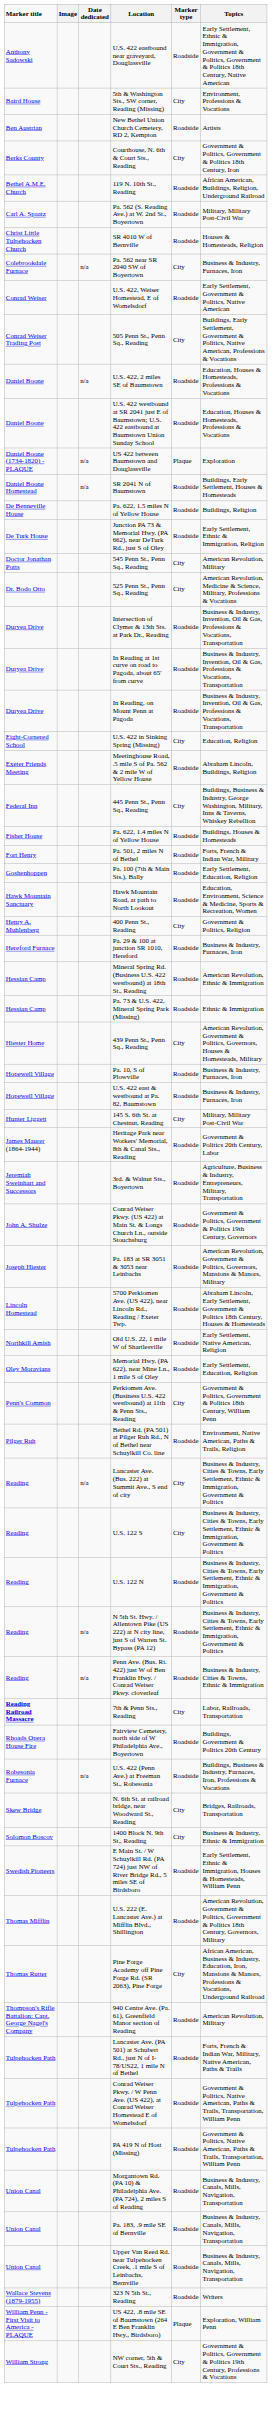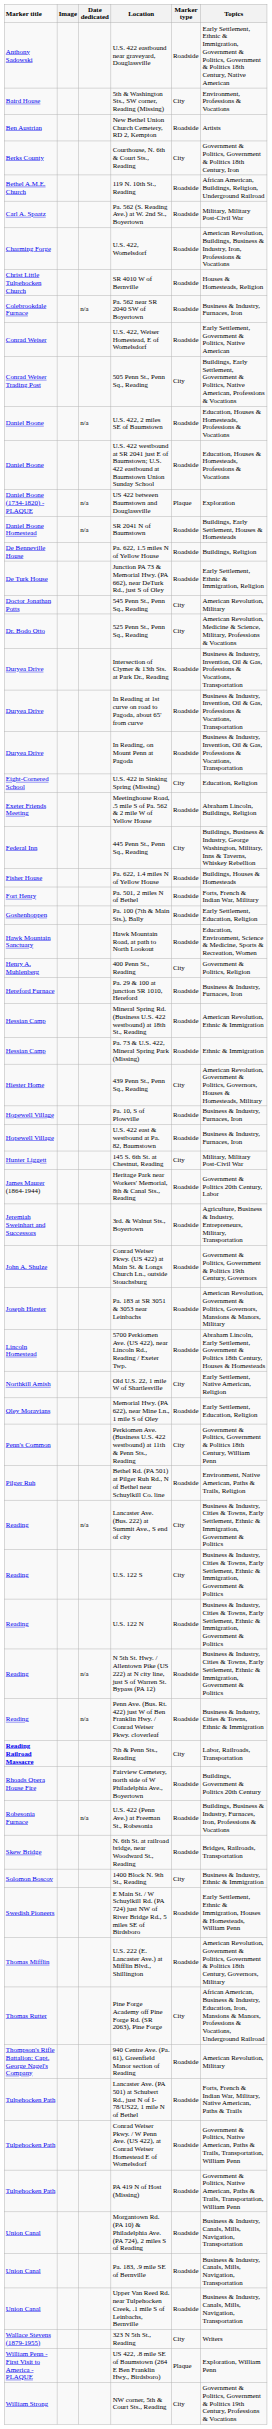 <table class="wikitable sortable" style="width:98%">
 <tr>
 <td><strong>Marker title</strong></td>
 <th class="unsortable"><strong>Image</strong></th>
 <th><strong>Date dedicated</strong></th>
 <th><strong>Location</strong></th>
 <th><strong>Marker type</strong></th>
 <th><strong>Topics</strong></th>
 </tr>
 <tr ->
 <td><a href='#'>Anthony Sadowski</a></td>
 <td></td>
 <td></td>
 <td>U.S. 422 eastbound near graveyard, Douglassville<br><small></small></td>
 <td>Roadside</td>
 <td>Early Settlement, Ethnic & Immigration, Government & Politics, Government & Politics 18th Century, Native American</td>
 </tr>
 <tr ->
 <td><a href='#'>Baird House</a></td>
 <td></td>
 <td></td>
 <td>5th & Washington Sts., SW corner, Reading (Missing)</td>
 <td>City</td>
 <td>Environment, Professions & Vocations</td>
 </tr>
 <tr ->
 <td><a href='#'>Ben Austrian</a></td>
 <td></td>
 <td></td>
 <td>New Bethel Union Church Cemetery, RD 2, Kempton<br><small></small></td>
 <td>Roadside</td>
 <td>Artists</td>
 </tr>
 <tr ->
 <td><a href='#'>Berks County</a></td>
 <td></td>
 <td></td>
 <td>Courthouse, N. 6th & Court Sts., Reading<br><small></small></td>
 <td>City</td>
 <td>Government & Politics, Government & Politics 18th Century, Iron</td>
 </tr>
 <tr ->
 <td><a href='#'>Bethel A.M.E. Church</a></td>
 <td></td>
 <td></td>
 <td>119 N. 10th St., Reading<br><small></small></td>
 <td>Roadside</td>
 <td>African American, Buildings, Religion, Underground Railroad</td>
 </tr>
 <tr ->
 <td><a href='#'>Carl A. Spaatz</a></td>
 <td></td>
 <td></td>
 <td>Pa. 562 (S. Reading Ave.) at W. 2nd St., Boyertown<br><small></small></td>
 <td>Roadside</td>
 <td>Military, Military Post-Civil War</td>
 </tr>
 <tr ->
+<td><a href='#'>Charming Forge</a></td>
+<td></td>
+<td></td>
+<td>U.S. 422, Womelsdorf<br><small></small></td>
+<td>Roadside</td>
+<td>American Revolution, Buildings, Business & Industry, Iron, Professions & Vocations</td>
+</tr>
+<tr ->
 <td><a href='#'>Christ Little Tulpehocken Church</a></td>
 <td></td>
 <td></td>
 <td>SR 4010 W of Bernville<br><small></small></td>
 <td>Roadside</td>
 <td>Houses & Homesteads, Religion</td>
 </tr>
 <tr ->
 <td><a href='#'>Colebrookdale Furnace</a></td>
 <td></td>
 <td>n/a</td>
 <td>Pa. 562 near SR 2040 SW of Boyertown<br><small></small></td>
-<td>City</td>
+<td>Roadside</td>
 <td>Business & Industry, Furnaces, Iron</td>
 </tr>
 <tr ->
 <td><a href='#'>Conrad Weiser</a></td>
 <td></td>
 <td></td>
 <td>U.S. 422, Weiser Homestead, E of Womelsdorf<br><small></small></td>
 <td>Roadside</td>
 <td>Early Settlement, Government & Politics, Native American</td>
 </tr>
 <tr ->
 <td><a href='#'>Conrad Weiser Trading Post</a></td>
 <td></td>
 <td></td>
 <td>505 Penn St., Penn Sq., Reading<br><small></small></td>
 <td>City</td>
 <td>Buildings, Early Settlement, Government & Politics, Native American, Professions & Vocations</td>
 </tr>
 <tr ->
 <td><a href='#'>Daniel Boone</a></td>
 <td></td>
 <td>n/a</td>
 <td>U.S. 422, 2 miles SE of Baumstown<br><small></small></td>
 <td>Roadside</td>
 <td>Education, Houses & Homesteads, Professions & Vocations</td>
 </tr>
 <tr ->
 <td><a href='#'>Daniel Boone</a></td>
 <td></td>
 <td></td>
 <td>U.S. 422 westbound at SR 2041 just E of Baumstown; U.S. 422 eastbound at Baumstown Union Sunday School<br><small></small></td>
 <td>Roadside</td>
 <td>Education, Houses & Homesteads, Professions & Vocations</td>
 </tr>
 <tr ->
 <td><a href='#'>Daniel Boone (1734-1820) - PLAQUE</a></td>
 <td></td>
 <td>n/a</td>
 <td>US 422 between Baumstown and Douglassville<br><small></small></td>
 <td>Plaque</td>
 <td>Exploration</td>
 </tr>
 <tr ->
 <td><a href='#'>Daniel Boone Homestead</a></td>
 <td></td>
 <td>n/a</td>
 <td>SR 2041 N of Baumstown<br><small></small></td>
 <td>Roadside</td>
 <td>Buildings, Early Settlement, Houses & Homesteads</td>
 </tr>
 <tr ->
 <td><a href='#'>De Benneville House</a></td>
 <td></td>
 <td></td>
 <td>Pa. 622, 1.5 miles N of Yellow House<br><small></small></td>
 <td>Roadside</td>
 <td>Buildings, Religion</td>
 </tr>
 <tr ->
 <td><a href='#'>De Turk House</a></td>
 <td></td>
 <td></td>
 <td>Junction PA 73 & Memorial Hwy. (PA 662), near DeTurk Rd., just S of Oley<br><small></small></td>
 <td>Roadside</td>
 <td>Early Settlement, Ethnic & Immigration, Religion</td>
 </tr>
 <tr ->
 <td><a href='#'>Doctor Jonathan Potts</a></td>
 <td></td>
 <td></td>
 <td>545 Penn St., Penn Sq., Reading<br><small></small></td>
 <td>City</td>
 <td>American Revolution, Military</td>
 </tr>
 <tr ->
 <td><a href='#'>Dr. Bodo Otto</a></td>
 <td></td>
 <td></td>
 <td>525 Penn St., Penn Sq., Reading<br><small></small></td>
 <td>City</td>
 <td>American Revolution, Medicine & Science, Military, Professions & Vocations</td>
 </tr>
 <tr ->
 <td><a href='#'>Duryea Drive</a></td>
 <td></td>
 <td></td>
 <td>Intersection of Clymer & 13th Sts. at Park Dr., Reading<br><small></small></td>
 <td>Roadside</td>
 <td>Business & Industry, Invention, Oil & Gas, Professions & Vocations, Transportation</td>
 </tr>
 <tr ->
 <td><a href='#'>Duryea Drive</a></td>
 <td></td>
 <td></td>
 <td>In Reading at 1st curve on road to Pagoda, about 65' from curve</td>
 <td>Roadside</td>
 <td>Business & Industry, Invention, Oil & Gas, Professions & Vocations, Transportation</td>
 </tr>
 <tr ->
 <td><a href='#'>Duryea Drive</a></td>
 <td></td>
 <td></td>
 <td>In Reading, on Mount Penn at Pagoda<br><small></small></td>
 <td>Roadside</td>
 <td>Business & Industry, Invention, Oil & Gas, Professions & Vocations, Transportation</td>
 </tr>
 <tr ->
 <td><a href='#'>Eight-Cornered School</a></td>
 <td></td>
 <td></td>
 <td>U.S. 422 in Sinking Spring (Missing)</td>
 <td>City</td>
 <td>Education, Religion</td>
 </tr>
 <tr ->
 <td><a href='#'>Exeter Friends Meeting</a></td>
 <td></td>
 <td></td>
 <td>Meetinghouse Road, .5 mile S of Pa. 562 & 2 mile W of Yellow House<br><small></small></td>
 <td>Roadside</td>
 <td>Abraham Lincoln, Buildings, Religion</td>
 </tr>
 <tr ->
 <td><a href='#'>Federal Inn</a></td>
 <td></td>
 <td></td>
 <td>445 Penn St., Penn Sq., Reading<br><small></small></td>
 <td>City</td>
 <td>Buildings, Business & Industry, George Washington, Military, Inns & Taverns, Whiskey Rebellion</td>
 </tr>
 <tr ->
 <td><a href='#'>Fisher House</a></td>
 <td></td>
 <td></td>
 <td>Pa. 622, 1.4 miles N of Yellow House<br><small></small></td>
 <td>Roadside</td>
 <td>Buildings, Houses & Homesteads</td>
 </tr>
 <tr ->
 <td><a href='#'>Fort Henry</a></td>
 <td></td>
 <td></td>
 <td>Pa. 501, 2 miles N of Bethel<br><small></small></td>
 <td>Roadside</td>
 <td>Forts, French & Indian War, Military</td>
 </tr>
 <tr ->
 <td><a href='#'>Goshenhoppen</a></td>
 <td></td>
 <td></td>
 <td>Pa. 100 (7th & Main Sts.), Bally<br><small></small></td>
 <td>Roadside</td>
 <td>Early Settlement, Education, Religion</td>
 </tr>
 <tr ->
 <td><a href='#'>Hawk Mountain Sanctuary</a></td>
 <td></td>
 <td></td>
 <td>Hawk Mountain Road, at path to North Lookout<br><small></small></td>
 <td>Roadside</td>
 <td>Education, Environment, Science & Medicine, Sports & Recreation, Women</td>
 </tr>
 <tr ->
 <td><a href='#'>Henry A. Muhlenberg</a></td>
 <td></td>
 <td></td>
 <td>400 Penn St., Reading<br><small></small></td>
 <td>City</td>
 <td>Government & Politics, Religion</td>
 </tr>
 <tr ->
 <td><a href='#'>Hereford Furnace</a></td>
 <td></td>
 <td></td>
 <td>Pa. 29 & 100 at junction SR 1010, Hereford<br><small></small></td>
 <td>Roadside</td>
 <td>Business & Industry, Furnaces, Iron</td>
 </tr>
 <tr ->
 <td><a href='#'>Hessian Camp</a></td>
 <td></td>
 <td></td>
 <td>Mineral Spring Rd. (Business U.S. 422 westbound) at 18th St., Reading<br><small></small></td>
 <td>Roadside</td>
 <td>American Revolution, Ethnic & Immigration</td>
 </tr>
 <tr ->
 <td><a href='#'>Hessian Camp</a></td>
 <td></td>
 <td></td>
 <td>Pa. 73 & U.S. 422, Mineral Spring Park (Missing)</td>
 <td>Roadside</td>
 <td>Ethnic & Immigration</td>
 </tr>
 <tr ->
 <td><a href='#'>Hiester Home</a></td>
 <td></td>
 <td></td>
 <td>439 Penn St., Penn Sq., Reading<br><small></small></td>
 <td>City</td>
 <td>American Revolution, Government & Politics, Governors, Houses & Homesteads, Military</td>
 </tr>
 <tr ->
 <td><a href='#'>Hopewell Village</a></td>
 <td></td>
 <td></td>
 <td>Pa. 10, S of Plowville</td>
 <td>Roadside</td>
 <td>Business & Industry, Furnaces, Iron</td>
 </tr>
 <tr ->
 <td><a href='#'>Hopewell Village</a></td>
 <td></td>
 <td></td>
 <td>U.S. 422 east & westbound at Pa. 82, Baumstown<br><small></small></td>
 <td>Roadside</td>
 <td>Business & Industry, Furnaces, Iron</td>
 </tr>
 <tr ->
 <td><a href='#'>Hunter Liggett</a></td>
 <td></td>
 <td></td>
 <td>145 S. 6th St. at Chestnut, Reading<br><small></small></td>
 <td>City</td>
 <td>Military, Military Post-Civil War</td>
 </tr>
 <tr ->
 <td><a href='#'>James Maurer</a> (1864-1944)</td>
 <td></td>
 <td></td>
 <td>Heritage Park near Workers' Memorial, 8th & Canal Sts., Reading<br><small></small></td>
 <td>Roadside</td>
 <td>Government & Politics 20th Century, Labor</td>
 </tr>
 <tr ->
 <td><a href='#'>Jeremiah Sweinhart and Successors</a></td>
 <td></td>
 <td></td>
 <td>3rd. & Walnut Sts., Boyertown<br><small></small></td>
 <td>Roadside</td>
 <td>Agriculture, Business & Industry, Entrepreneurs, Military, Transportation</td>
 </tr>
 <tr ->
 <td><a href='#'>John A. Shulze</a></td>
 <td></td>
 <td></td>
 <td>Conrad Weiser Pkwy. (US 422) at Main St. & Longs Church Ln., outside Stouchsburg<br><small></small></td>
 <td>Roadside</td>
 <td>Government & Politics, Government & Politics 19th Century, Governors</td>
 </tr>
 <tr ->
 <td><a href='#'>Joseph Hiester</a></td>
 <td></td>
 <td></td>
 <td>Pa. 183 at SR 3051 & 3053 near Leinbachs<br><small></small></td>
 <td>Roadside</td>
 <td>American Revolution, Government & Politics, Governors, Mansions & Manors, Military</td>
 </tr>
 <tr ->
 <td><a href='#'>Lincoln Homestead</a></td>
 <td></td>
 <td></td>
 <td>5700 Perkiomen Ave. (US 422), near Lincoln Rd., Reading / Exeter Twp.</td>
 <td>Roadside</td>
 <td>Abraham Lincoln, Early Settlement, Government & Politics 18th Century, Houses & Homesteads</td>
 </tr>
 <tr ->
 <td><a href='#'>Northkill Amish</a></td>
 <td></td>
 <td></td>
 <td>Old U.S. 22, 1 mile W of Shartlesville<br><small></small></td>
-<td>Roadside</td>
+<td>City</td>
 <td>Early Settlement, Native American, Religion</td>
 </tr>
 <tr ->
 <td><a href='#'>Oley Moravians</a></td>
 <td></td>
 <td></td>
 <td>Memorial Hwy. (PA 622), near Mine Ln., 1 mile S of Oley<br><small></small></td>
 <td>Roadside</td>
 <td>Early Settlement, Education, Religion</td>
 </tr>
 <tr ->
 <td><a href='#'>Penn's Common</a></td>
 <td></td>
 <td></td>
 <td>Perkiomen Ave. (Business U.S. 422 westbound) at 11th & Penn Sts., Reading<br><small></small></td>
 <td>City</td>
 <td>Government & Politics, Government & Politics 18th Century, William Penn</td>
 </tr>
 <tr ->
 <td><a href='#'>Pilger Ruh</a></td>
 <td></td>
 <td></td>
 <td>Bethel Rd. (PA 501) at Pilger Ruh Rd., N of Bethel near Schuylkill Co. line<br><small></small></td>
 <td>Roadside</td>
 <td>Environment, Native American, Paths & Trails, Religion</td>
 </tr>
 <tr ->
 <td><a href='#'>Reading</a></td>
 <td></td>
 <td>n/a</td>
 <td>Lancaster Ave. (Bus. 222) at Summit Ave., S end of city<br><small></small></td>
 <td>City</td>
 <td>Business & Industry, Cities & Towns, Early Settlement, Ethnic & Immigration, Government & Politics</td>
 </tr>
 <tr ->
 <td><a href='#'>Reading</a></td>
 <td></td>
 <td></td>
 <td>U.S. 122 S</td>
 <td>City</td>
 <td>Business & Industry, Cities & Towns, Early Settlement, Ethnic & Immigration, Government & Politics</td>
 </tr>
 <tr ->
 <td><a href='#'>Reading</a></td>
 <td></td>
 <td></td>
 <td>U.S. 122 N</td>
 <td>Roadside</td>
 <td>Business & Industry, Cities & Towns, Early Settlement, Ethnic & Immigration, Government & Politics</td>
 </tr>
 <tr ->
 <td><a href='#'>Reading</a></td>
 <td></td>
 <td>n/a</td>
 <td>N 5th St. Hwy. / Allentown Pike (US 222) at N city line, just S of Warren St. Bypass (PA 12)</td>
 <td>Roadside</td>
 <td>Business & Industry, Cities & Towns, Early Settlement, Ethnic & Immigration, Government & Politics</td>
 </tr>
 <tr ->
 <td><a href='#'>Reading</a></td>
 <td></td>
 <td>n/a</td>
 <td>Penn Ave. (Bus. Rt. 422) just W of Ben Franklin Hwy. / Conrad Weiser Pkwy. cloverleaf<br><small></small></td>
 <td>Roadside</td>
 <td>Business & Industry, Cities & Towns, Ethnic & Immigration</td>
 </tr>
 <tr ->
 <td><strong><a href='#'>Reading Railroad Massacre</a></strong></td>
 <td></td>
 <td></td>
 <td>7th & Penn Sts., Reading<br><small></small></td>
 <td>City</td>
 <td>Labor, Railroads, Transportation</td>
 </tr>
 <tr ->
 <td><a href='#'>Rhoads Opera House Fire</a></td>
 <td></td>
 <td></td>
 <td>Fairview Cemetery, north side of W Philadelphia Ave., Boyertown</td>
 <td>Roadside</td>
 <td>Buildings, Government & Politics 20th Century</td>
 </tr>
 <tr ->
 <td><a href='#'>Robesonia Furnace</a></td>
 <td></td>
 <td>n/a</td>
 <td>U.S. 422 (Penn Ave.) at Freeman St., Robesonia<br><small></small></td>
 <td>Roadside</td>
 <td>Buildings, Business & Industry, Furnaces, Iron, Professions & Vocations</td>
 </tr>
 <tr ->
 <td><a href='#'>Skew Bridge</a></td>
 <td></td>
 <td></td>
 <td>N. 6th St. at railroad bridge, near Woodward St., Reading<br><small></small></td>
-<td>City</td>
+<td>Roadside</td>
 <td>Bridges, Railroads, Transportation</td>
 </tr>
 <tr ->
 <td><a href='#'>Solomon Boscov</a></td>
 <td></td>
 <td></td>
 <td>1400 Block N. 9th St., Reading<br><small></small></td>
 <td>City</td>
 <td>Business & Industry, Ethnic & Immigration</td>
 </tr>
 <tr ->
 <td><a href='#'>Swedish Pioneers</a></td>
 <td></td>
 <td></td>
 <td>E Main St. / W Schuylkill Rd. (PA 724) just NW of River Bridge Rd., 5 miles SE of Birdsboro<br><small></small></td>
 <td>Roadside</td>
 <td>Early Settlement, Ethnic & Immigration, Houses & Homesteads, William Penn</td>
 </tr>
 <tr ->
 <td><a href='#'>Thomas Mifflin</a></td>
 <td></td>
 <td></td>
 <td>U.S. 222 (E. Lancaster Ave.) at Mifflin Blvd., Shillington<br><small></small></td>
 <td>Roadside</td>
 <td>American Revolution, Government & Politics, Government & Politics 18th Century, Governors, Military</td>
 </tr>
 <tr ->
 <td><a href='#'>Thomas Rutter</a></td>
 <td></td>
 <td></td>
 <td>Pine Forge Academy off Pine Forge Rd. (SR 2063), Pine Forge<br><small></small></td>
 <td>City</td>
 <td>African American, Business & Industry, Education, Iron, Mansions & Manors, Professions & Vocations, Underground Railroad</td>
 </tr>
 <tr ->
 <td><a href='#'>Thompson's Rifle Battalion: Capt. George Nagel's Company</a></td>
 <td></td>
 <td></td>
 <td>940 Centre Ave. (Pa. 61), Greenfield Manor section of Reading</td>
 <td>Roadside</td>
 <td>American Revolution, Military</td>
 </tr>
 <tr ->
 <td><a href='#'>Tulpehocken Path</a></td>
 <td></td>
 <td></td>
 <td>Lancaster Ave. (PA 501) at Schubert Rd., just N of I-78/US22, 1 mile N of Bethel <br><small></small></td>
 <td>Roadside</td>
 <td>Forts, French & Indian War, Military, Native American, Paths & Trails</td>
 </tr>
 <tr ->
 <td><a href='#'>Tulpehocken Path</a></td>
 <td></td>
 <td></td>
 <td>Conrad Weiser Pkwy. / W Penn Ave. (US 422), at Conrad Weiser Homestead E of Womelsdorf<br><small></small></td>
 <td>Roadside</td>
 <td>Government & Politics, Native American, Paths & Trails, Transportation, William Penn</td>
 </tr>
 <tr ->
 <td><a href='#'>Tulpehocken Path</a></td>
 <td></td>
 <td></td>
 <td>PA 419 N of Host (Missing)</td>
 <td>Roadside</td>
 <td>Government & Politics, Native American, Paths & Trails, Transportation, William Penn</td>
 </tr>
 <tr ->
 <td><a href='#'>Union Canal</a></td>
 <td></td>
 <td></td>
 <td>Morgantown Rd. (PA 10) & Philadelphia Ave. (PA 724), 2 miles S of Reading<br><small></small></td>
 <td>Roadside</td>
 <td>Business & Industry, Canals, Mills, Navigation, Transportation</td>
 </tr>
 <tr ->
 <td><a href='#'>Union Canal</a></td>
 <td></td>
 <td></td>
 <td>Pa. 183, .9 mile SE of Bernville</td>
 <td>Roadside</td>
 <td>Business & Industry, Canals, Mills, Navigation, Transportation</td>
 </tr>
 <tr ->
 <td><a href='#'>Union Canal</a></td>
 <td></td>
 <td></td>
 <td>Upper Van Reed Rd. near Tulpehocken Creek, .1 mile S of Leinbachs, Bernville</td>
 <td>Roadside</td>
 <td>Business & Industry, Canals, Mills, Navigation, Transportation</td>
 </tr>
 <tr ->
 <td><a href='#'>Wallace Stevens (1879-1955)</a></td>
 <td></td>
 <td></td>
 <td>323 N 5th St., Reading<br><small></small></td>
-<td>Roadside</td>
+<td>City</td>
 <td>Writers</td>
 </tr>
 <tr ->
 <td><a href='#'>William Penn - First Visit to America - PLAQUE</a></td>
 <td></td>
 <td></td>
 <td>US 422, .8 mile SE of Baumstown (264 E Ben Franklin Hwy., Birdsboro)<br><small></small></td>
 <td>Plaque</td>
 <td>Exploration, William Penn</td>
 </tr>
 <tr ->
 <td><a href='#'>William Strong</a></td>
 <td></td>
 <td></td>
 <td>NW corner, 5th & Court Sts., Reading<br><small></small></td>
 <td>City</td>
 <td>Government & Politics, Government & Politics 19th Century, Professions & Vocations</td>
 </tr>
 </table>
